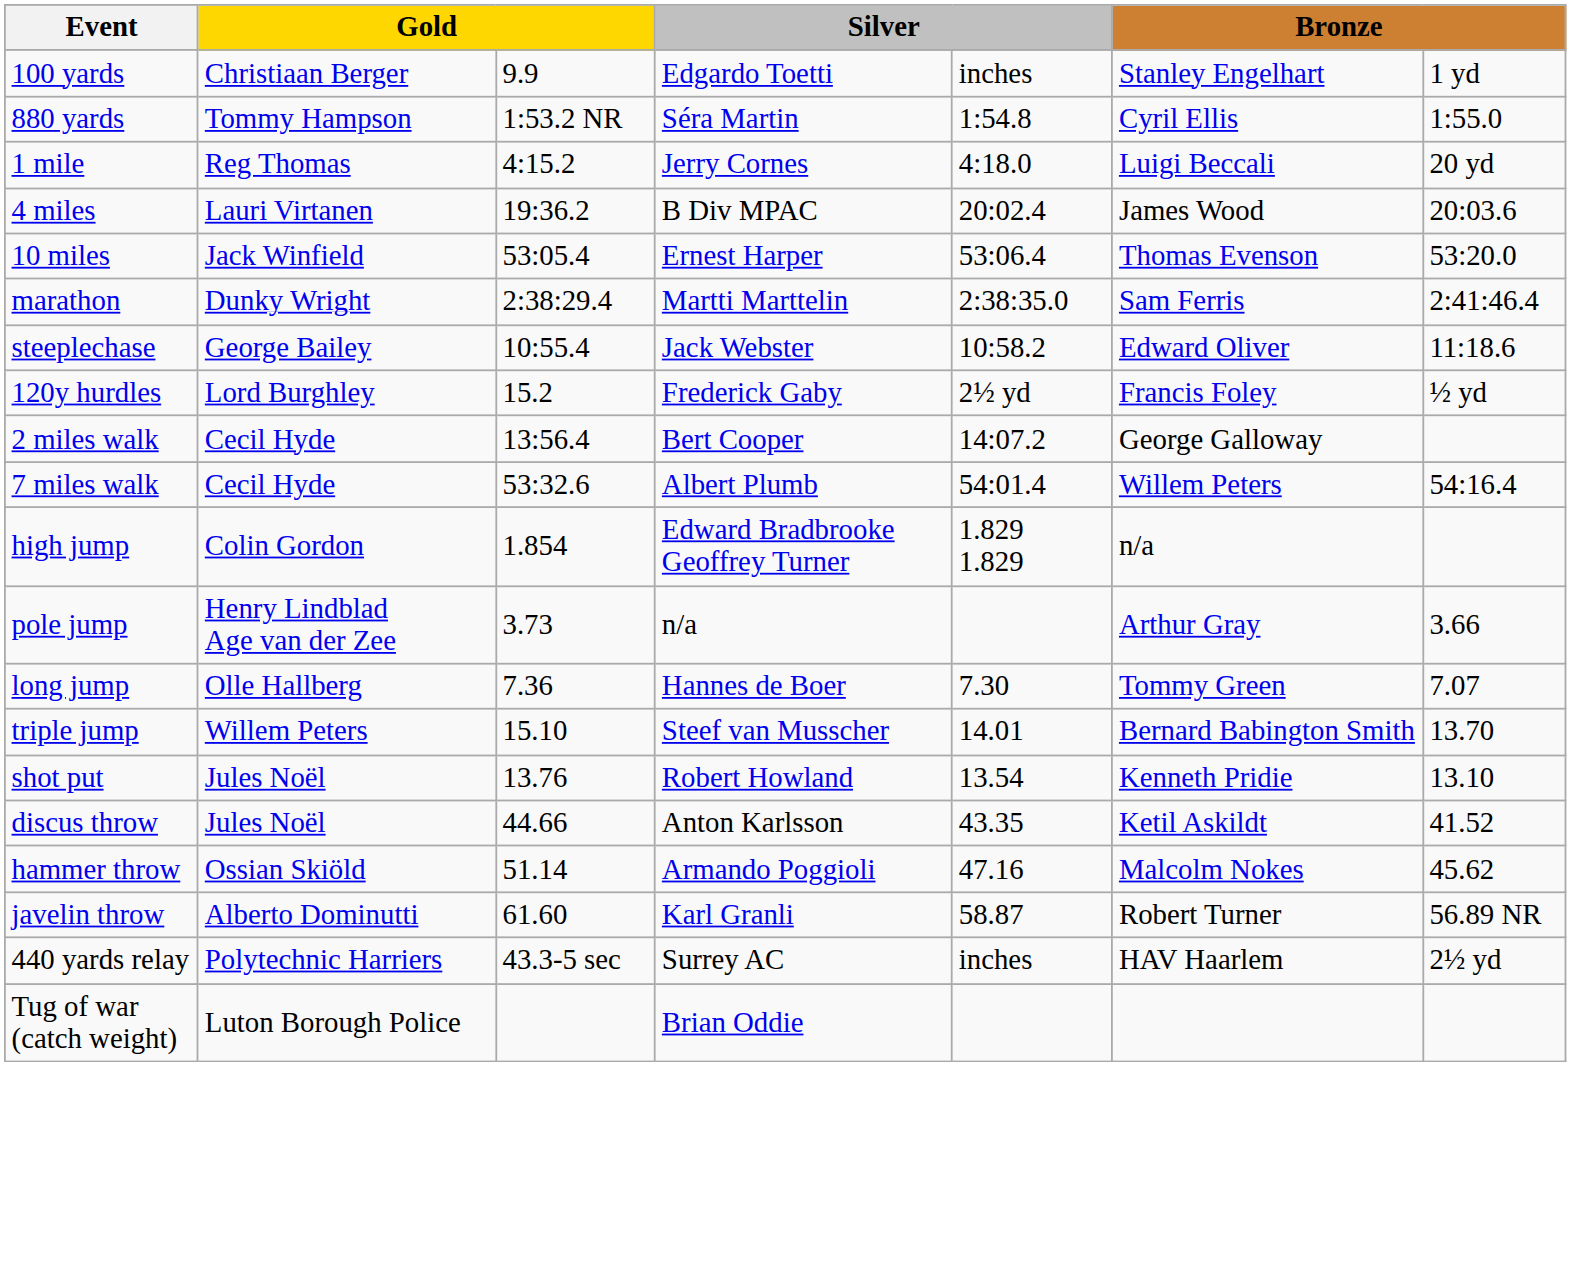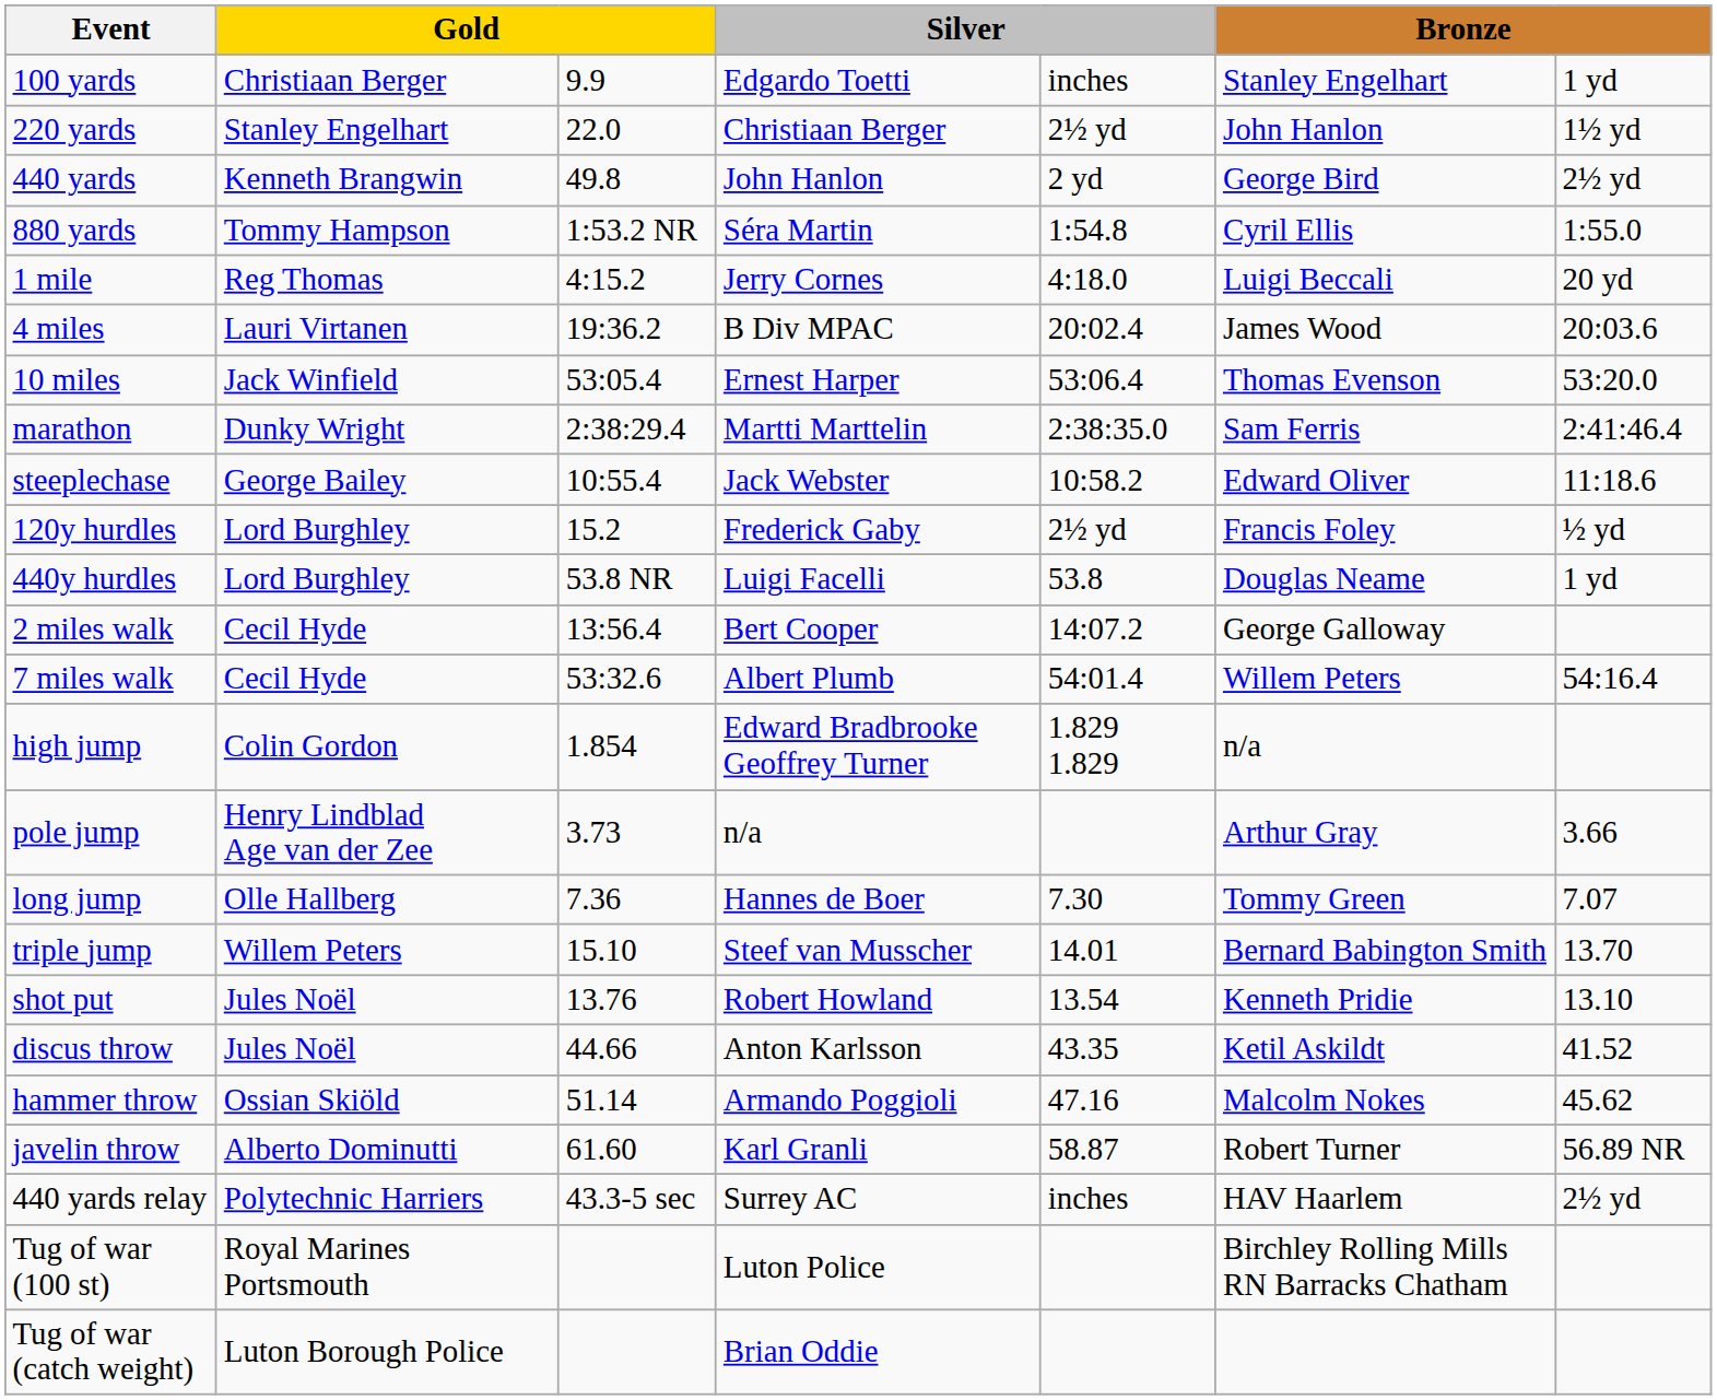 <table class="wikitable" style="text-align:left">
 <tr>
 <th width=100>Event</th>
 <th colspan="2" width="280" style="background:gold;">Gold</th>
 <th colspan="2" width="280" style="background:silver;">Silver</th>
 <th colspan="2" width="280" style="background:#CD7F32;">Bronze</th>
 </tr>
 <tr>
 <td><a href='#'>100 yards</a></td>
 <td> <a href='#'>Christiaan Berger</a></td>
 <td>9.9</td>
 <td> <a href='#'>Edgardo Toetti</a></td>
 <td>inches</td>
 <td><a href='#'>Stanley Engelhart</a></td>
 <td>1 yd</td>
+</tr>
+<tr>
+<td><a href='#'>220 yards</a></td>
+<td><a href='#'>Stanley Engelhart</a></td>
+<td>22.0</td>
+<td> <a href='#'>Christiaan Berger</a></td>
+<td>2½ yd</td>
+<td><a href='#'>John Hanlon</a></td>
+<td>1½ yd</td>
+</tr>
+<tr>
+<td><a href='#'>440 yards</a></td>
+<td><a href='#'>Kenneth Brangwin</a></td>
+<td>49.8</td>
+<td><a href='#'>John Hanlon</a></td>
+<td>2 yd</td>
+<td><a href='#'>George Bird</a></td>
+<td>2½ yd</td>
 </tr>
 <tr>
 <td><a href='#'>880 yards</a></td>
 <td><a href='#'>Tommy Hampson</a></td>
 <td>1:53.2 NR</td>
 <td> <a href='#'>Séra Martin</a></td>
 <td>1:54.8</td>
 <td><a href='#'>Cyril Ellis</a></td>
 <td>1:55.0</td>
 </tr>
 <tr>
 <td><a href='#'>1 mile</a></td>
 <td> <a href='#'>Reg Thomas</a></td>
 <td>4:15.2</td>
 <td><a href='#'>Jerry Cornes</a></td>
 <td>4:18.0</td>
 <td> <a href='#'>Luigi Beccali</a></td>
 <td>20 yd</td>
 </tr>
 <tr>
 <td><a href='#'>4 miles</a></td>
 <td> <a href='#'>Lauri Virtanen</a></td>
 <td>19:36.2</td>
 <td>B Div MPAC</td>
 <td>20:02.4</td>
 <td> James Wood</td>
 <td>20:03.6</td>
 </tr>
 <tr>
 <td><a href='#'>10 miles</a></td>
 <td><a href='#'>Jack Winfield</a></td>
 <td>53:05.4</td>
 <td><a href='#'>Ernest Harper</a></td>
 <td>53:06.4</td>
 <td><a href='#'>Thomas Evenson</a></td>
 <td>53:20.0</td>
 </tr>
 <tr>
 <td><a href='#'>marathon</a></td>
 <td> <a href='#'>Dunky Wright</a></td>
 <td>2:38:29.4</td>
 <td> <a href='#'>Martti Marttelin</a></td>
 <td>2:38:35.0</td>
 <td> <a href='#'>Sam Ferris</a></td>
 <td>2:41:46.4</td>
 </tr>
 <tr>
 <td><a href='#'>steeplechase</a></td>
 <td><a href='#'>George Bailey</a></td>
 <td>10:55.4</td>
 <td><a href='#'>Jack Webster</a></td>
 <td>10:58.2</td>
 <td><a href='#'>Edward Oliver</a></td>
 <td>11:18.6</td>
 </tr>
 <tr>
 <td><a href='#'>120y hurdles</a></td>
 <td><a href='#'>Lord Burghley</a></td>
 <td>15.2</td>
 <td><a href='#'>Frederick Gaby</a></td>
 <td>2½ yd</td>
 <td><a href='#'>Francis Foley</a></td>
 <td>½ yd</td>
+</tr>
+<tr>
+<td><a href='#'>440y hurdles</a></td>
+<td><a href='#'>Lord Burghley</a></td>
+<td>53.8 NR</td>
+<td> <a href='#'>Luigi Facelli</a></td>
+<td>53.8</td>
+<td><a href='#'>Douglas Neame</a></td>
+<td>1 yd</td>
 </tr>
 <tr>
 <td><a href='#'>2 miles walk</a></td>
 <td><a href='#'>Cecil Hyde</a></td>
 <td>13:56.4</td>
 <td><a href='#'>Bert Cooper</a></td>
 <td>14:07.2</td>
 <td> George Galloway</td>
 <td></td>
 </tr>
 <tr>
 <td><a href='#'>7 miles walk</a></td>
 <td><a href='#'>Cecil Hyde</a></td>
 <td>53:32.6</td>
 <td><a href='#'>Albert Plumb</a></td>
 <td>54:01.4</td>
 <td> <a href='#'>Willem Peters</a></td>
 <td>54:16.4</td>
 </tr>
 <tr>
 <td><a href='#'>high jump</a></td>
 <td> <a href='#'>Colin Gordon</a></td>
 <td>1.854</td>
 <td><a href='#'>Edward Bradbrooke</a><br><a href='#'>Geoffrey Turner</a></td>
 <td>1.829<br>1.829</td>
 <td>n/a</td>
 <td></td>
 </tr>
 <tr>
 <td><a href='#'>pole jump</a></td>
 <td> <a href='#'>Henry Lindblad</a><br> <a href='#'>Age van der Zee</a></td>
 <td>3.73</td>
 <td>n/a</td>
 <td></td>
 <td><a href='#'>Arthur Gray</a></td>
 <td>3.66</td>
 </tr>
 <tr>
 <td><a href='#'>long jump</a></td>
 <td> <a href='#'>Olle Hallberg</a></td>
 <td>7.36</td>
 <td> <a href='#'>Hannes de Boer</a></td>
 <td>7.30</td>
 <td><a href='#'>Tommy Green</a></td>
 <td>7.07</td>
 </tr>
 <tr>
 <td><a href='#'>triple jump</a></td>
 <td> <a href='#'>Willem Peters</a></td>
 <td>15.10</td>
 <td> <a href='#'>Steef van Musscher</a></td>
 <td>14.01</td>
 <td><a href='#'>Bernard Babington Smith</a></td>
 <td>13.70</td>
 </tr>
 <tr>
 <td><a href='#'>shot put</a></td>
 <td> <a href='#'>Jules Noël</a></td>
 <td>13.76</td>
 <td><a href='#'>Robert Howland</a></td>
 <td>13.54</td>
 <td><a href='#'>Kenneth Pridie</a></td>
 <td>13.10</td>
 </tr>
 <tr>
 <td><a href='#'>discus throw</a></td>
 <td> <a href='#'>Jules Noël</a></td>
 <td>44.66</td>
 <td> Anton Karlsson</td>
 <td>43.35</td>
 <td> <a href='#'>Ketil Askildt</a></td>
 <td>41.52</td>
 </tr>
 <tr>
 <td><a href='#'>hammer throw</a></td>
 <td> <a href='#'>Ossian Skiöld</a></td>
 <td>51.14</td>
 <td> <a href='#'>Armando Poggioli</a></td>
 <td>47.16</td>
 <td><a href='#'>Malcolm Nokes</a></td>
 <td>45.62</td>
 </tr>
 <tr>
 <td><a href='#'>javelin throw</a></td>
 <td> <a href='#'>Alberto Dominutti</a></td>
 <td>61.60</td>
 <td> <a href='#'>Karl Granli</a></td>
 <td>58.87</td>
 <td>Robert Turner</td>
 <td>56.89 NR</td>
 </tr>
 <tr>
 <td>440 yards relay</td>
 <td><a href='#'>Polytechnic Harriers</a></td>
 <td>43.3-5 sec</td>
 <td>Surrey AC</td>
 <td>inches</td>
 <td>HAV Haarlem</td>
 <td>2½ yd</td>
 </tr>
 <tr>
+<td>Tug of war (100 st)</td>
+<td>Royal Marines Portsmouth</td>
+<td></td>
+<td>Luton Police</td>
+<td></td>
+<td>Birchley Rolling Mills<br>RN Barracks Chatham</td>
+<td></td>
+</tr>
+<tr>
 <td>Tug of war (catch weight)</td>
 <td>Luton Borough Police</td>
 <td></td>
 <td><a href='#'>Brian Oddie</a></td>
 <td></td>
 <td></td>
 </tr>
 </table>
